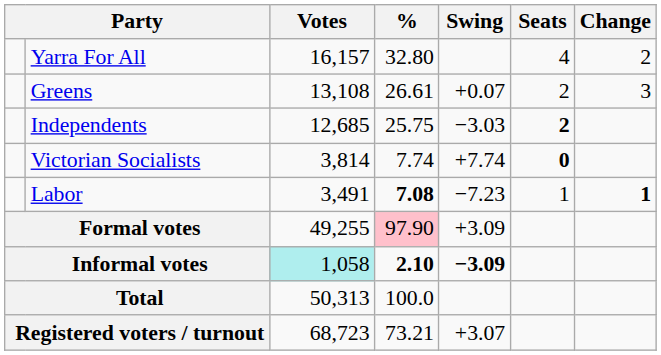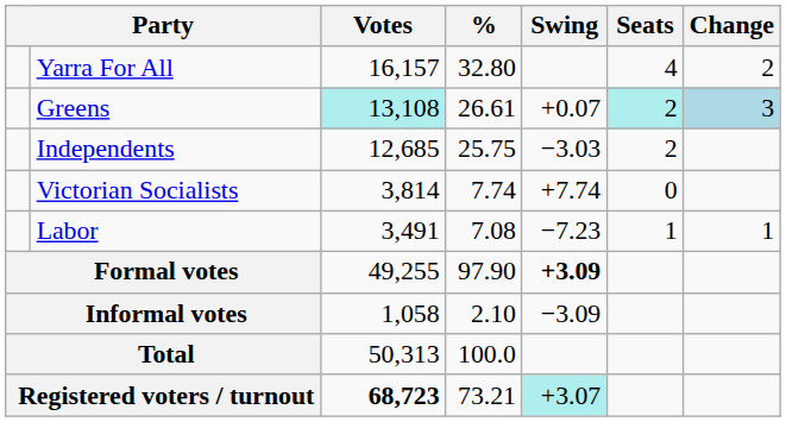 <table class="wikitable" style="text-align:right; margin-bottom:0">
 <tr>
 <th colspan="3" style="width:10px">Party</th>
 <th style="width:70px;">Votes</th>
 <th style="width:40px;">%</th>
 <th style="width:40px;">Swing</th>
 <th style="width:40px;">Seats</th>
 <th style="width:40px;">Change</th>
 </tr>
 <tr>
 <td> </td>
 <td colspan="2" style="text-align:left;"><a href='#'>Yarra For All</a></td>
 <td>16,157</td>
 <td>32.80</td>
 <td></td>
 <td>4</td>
 <td> 2</td>
 </tr>
 <tr>
 <td> </td>
 <td colspan="2" style="text-align:left;"><a href='#'>Greens</a></td>
-<td>13,108</td>
+<td style="background: paleturquoise;">13,108</td>
 <td>26.61</td>
 <td>+0.07</td>
-<td>2</td>
-<td> 3</td>
+<td style="background: paleturquoise;">2</td>
+<td style="background: lightblue;"> 3</td>
 </tr>
 <tr>
 <td> </td>
 <td colspan="2" style="text-align:left;"><a href='#'>Independents</a></td>
 <td style="width:70px;">12,685</td>
 <td style="width:40px;">25.75</td>
 <td style="width:45px;">−3.03</td>
-<td style="width:40px;"><strong>2</strong></td>
+<td style="width:40px;">2</td>
 <td style="width:40px;"></td>
 </tr>
 <tr>
 <td> </td>
 <td colspan="2" style="text-align:left;"><a href='#'>Victorian Socialists</a></td>
 <td>3,814</td>
 <td>7.74</td>
 <td>+7.74</td>
-<td><strong>0</strong></td>
+<td>0</td>
 <td></td>
 </tr>
 <tr>
 <td> </td>
 <td colspan="2" style="text-align:left;"><a href='#'>Labor</a></td>
 <td>3,491</td>
-<td><strong>7.08</strong></td>
+<td>7.08</td>
 <td>−7.23</td>
 <td>1</td>
-<td><strong> 1</strong></td>
+<td> 1</td>
 </tr>
 <tr>
 <th colspan="3" rowspan="1"> Formal votes</th>
 <td>49,255</td>
-<td style="background: pink;">97.90</td>
-<td>+3.09</td>
+<td>97.90</td>
+<td><strong>+3.09</strong></td>
 <td></td>
 <td></td>
 </tr>
 <tr>
 <th colspan="3" rowspan="1"> Informal votes</th>
-<td style="background: paleturquoise;">1,058</td>
-<td><strong>2.10</strong></td>
-<td><strong>−3.09</strong></td>
+<td>1,058</td>
+<td>2.10</td>
+<td>−3.09</td>
 <td></td>
 <td></td>
 </tr>
 <tr>
 <th colspan="3" rowspan="1"> Total</th>
 <td>50,313</td>
 <td>100.0</td>
 <td></td>
 <td></td>
 <td></td>
 </tr>
 <tr>
 <th colspan="3" rowspan="1"> Registered voters / turnout</th>
-<td>68,723</td>
+<td><strong>68,723</strong></td>
 <td>73.21</td>
-<td>+3.07</td>
+<td style="background: paleturquoise;">+3.07</td>
 <td></td>
 <td></td>
 </tr>
 </table>
